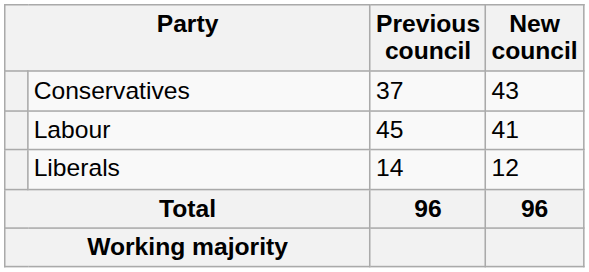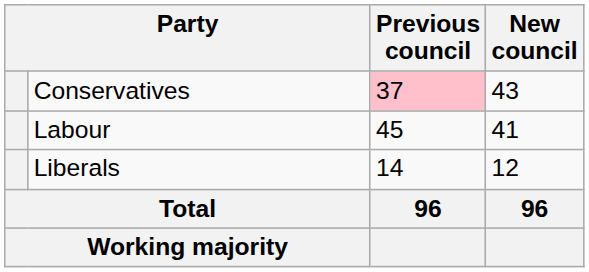 <table class="wikitable">
 <tr>
 <th valign=top colspan="2" style="width: 230px">Party</th>
 <th valign=top style="width: 30px">Previous council</th>
 <th valign=top style="width: 30px">New council</th>
 </tr>
 <tr>
 <th style="background-color: "></th>
 <td>Conservatives</td>
-<td>37</td>
+<td style="background: pink;">37</td>
 <td>43</td>
 </tr>
 <tr>
 <th style="background-color: "></th>
 <td>Labour</td>
 <td>45</td>
 <td>41</td>
 </tr>
 <tr>
 <th style="background-color: "></th>
 <td>Liberals</td>
 <td>14</td>
 <td>12</td>
 </tr>
 <tr>
 <th colspan=2>Total</th>
 <th style="text-align: center">96</th>
 <th colspan=3>96</th>
 </tr>
 <tr>
 <th colspan=2>Working majority</th>
 <th></th>
 <th></th>
 </tr>
 </table>
